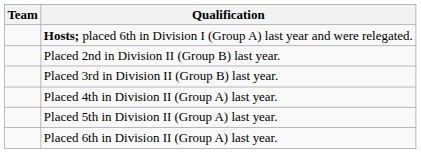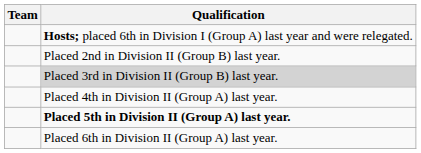 <table class="wikitable">
 <tr>
 <th>Team</th>
 <th>Qualification</th>
 </tr>
 <tr>
 <td></td>
 <td><strong>Hosts;</strong> placed 6th in Division I (Group A) last year and were relegated.</td>
 </tr>
 <tr>
 <td></td>
 <td>Placed 2nd in Division II (Group B) last year.</td>
 </tr>
 <tr>
 <td></td>
-<td>Placed 3rd in Division II (Group B) last year.</td>
+<td style="background: lightgrey;">Placed 3rd in Division II (Group B) last year.</td>
 </tr>
 <tr>
 <td></td>
 <td>Placed 4th in Division II (Group A) last year.</td>
 </tr>
 <tr>
 <td></td>
-<td>Placed 5th in Division II (Group A) last year.</td>
+<td><strong>Placed 5th in Division II (Group A) last year.</strong></td>
 </tr>
 <tr>
 <td></td>
 <td>Placed 6th in Division II (Group A) last year.</td>
 </tr>
 </table>
